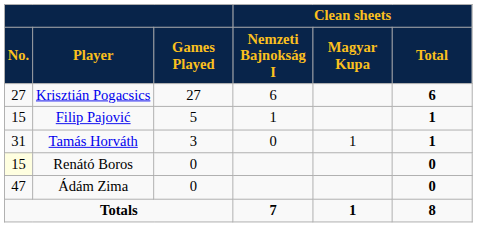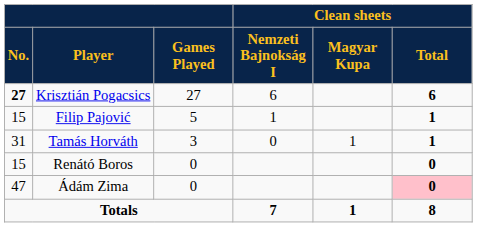 <table class="wikitable sortable alternance" style="text-align:center">
 <tr>
 <th colspan="3" style="background:#08244A"></th>
 <th colspan="3" style="background:#08244A; color:#FBC01E">Clean sheets</th>
 </tr>
 <tr>
 <th style="background-color:#08244A; color:#FBC01E">No.</th>
 <th style="background-color:#08244A; color:#FBC01E">Player</th>
 <th width=80 style="background-color:#08244A; color:#FBC01E">Games Played</th>
 <th width=80 style="background-color:#08244A; color:#FBC01E">Nemzeti Bajnokság I</th>
 <th width=80 style="background-color:#08244A; color:#FBC01E">Magyar Kupa</th>
 <th width=80 style="background-color:#08244A; color:#FBC01E">Total</th>
 </tr>
 <tr>
-<td>27</td>
+<td><strong>27</strong></td>
 <td> <a href='#'>Krisztián Pogacsics</a></td>
 <td>27</td>
 <td>6</td>
 <td></td>
 <td><strong>6</strong></td>
 </tr>
 <tr>
 <td>15</td>
 <td> <a href='#'>Filip Pajović</a></td>
 <td>5</td>
 <td>1</td>
 <td></td>
 <td><strong>1</strong></td>
 </tr>
 <tr>
 <td>31</td>
 <td> <a href='#'>Tamás Horváth</a></td>
 <td>3</td>
 <td>0</td>
 <td>1</td>
 <td><strong>1</strong></td>
 </tr>
 <tr>
-<td style="background: lightyellow;">15</td>
+<td>15</td>
 <td> Renátó Boros</td>
 <td>0</td>
 <td></td>
 <td></td>
 <td><strong>0</strong></td>
 </tr>
 <tr>
 <td>47</td>
 <td> Ádám Zima</td>
 <td>0</td>
 <td></td>
 <td></td>
-<td><strong>0</strong></td>
+<td style="background: pink;"><strong>0</strong></td>
 </tr>
 <tr class="sortbottom">
 <td colspan="3"><strong>Totals</strong></td>
 <td><strong>7</strong></td>
 <td><strong>1</strong></td>
 <td><strong>8</strong></td>
 </tr>
 </table>
